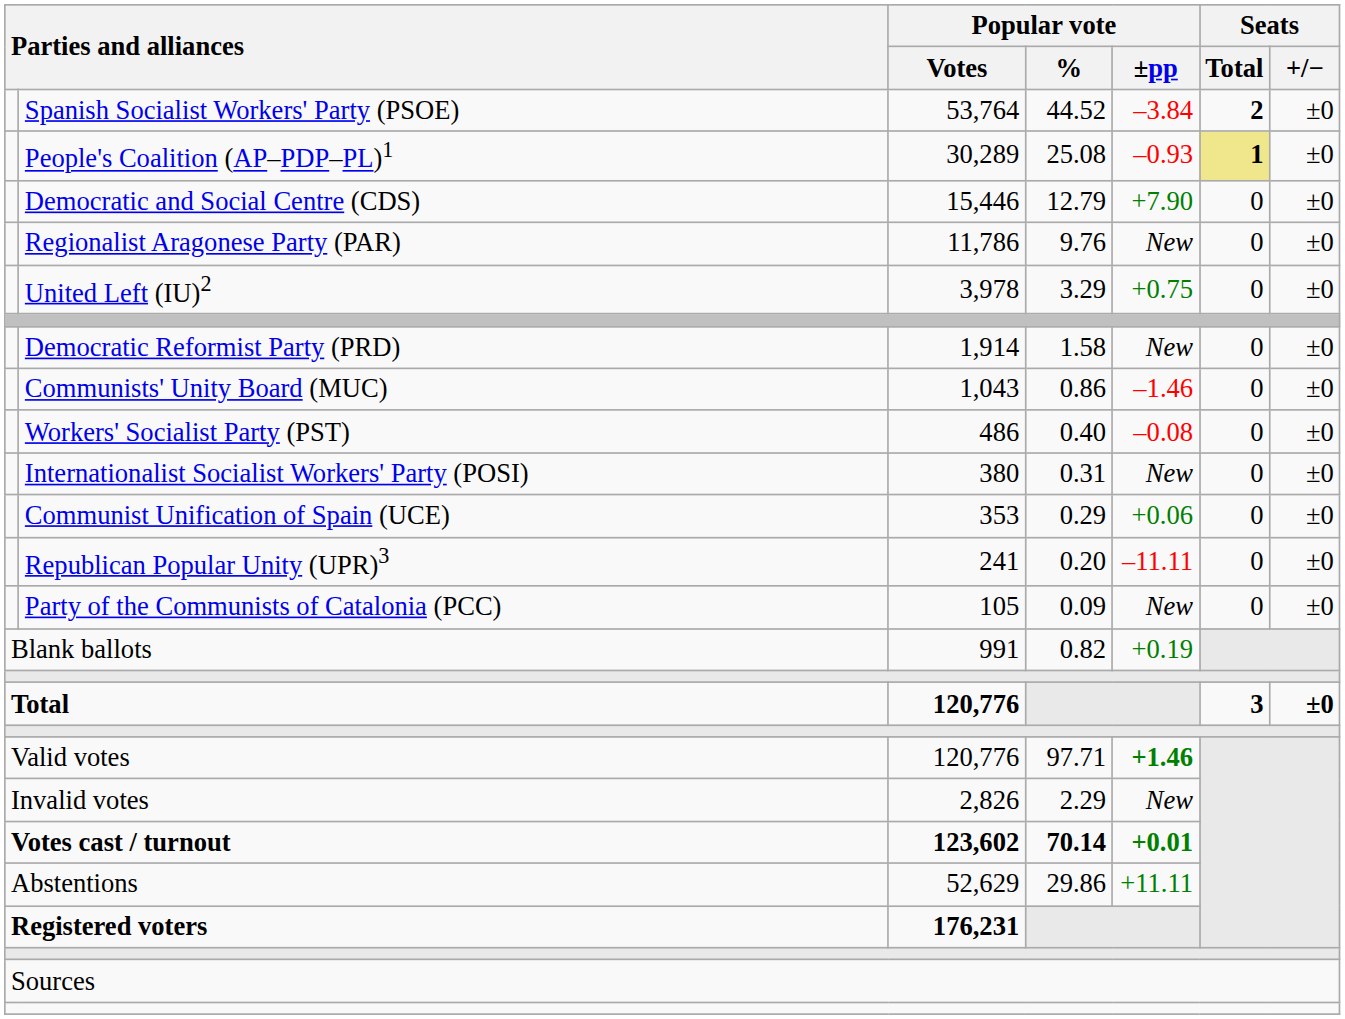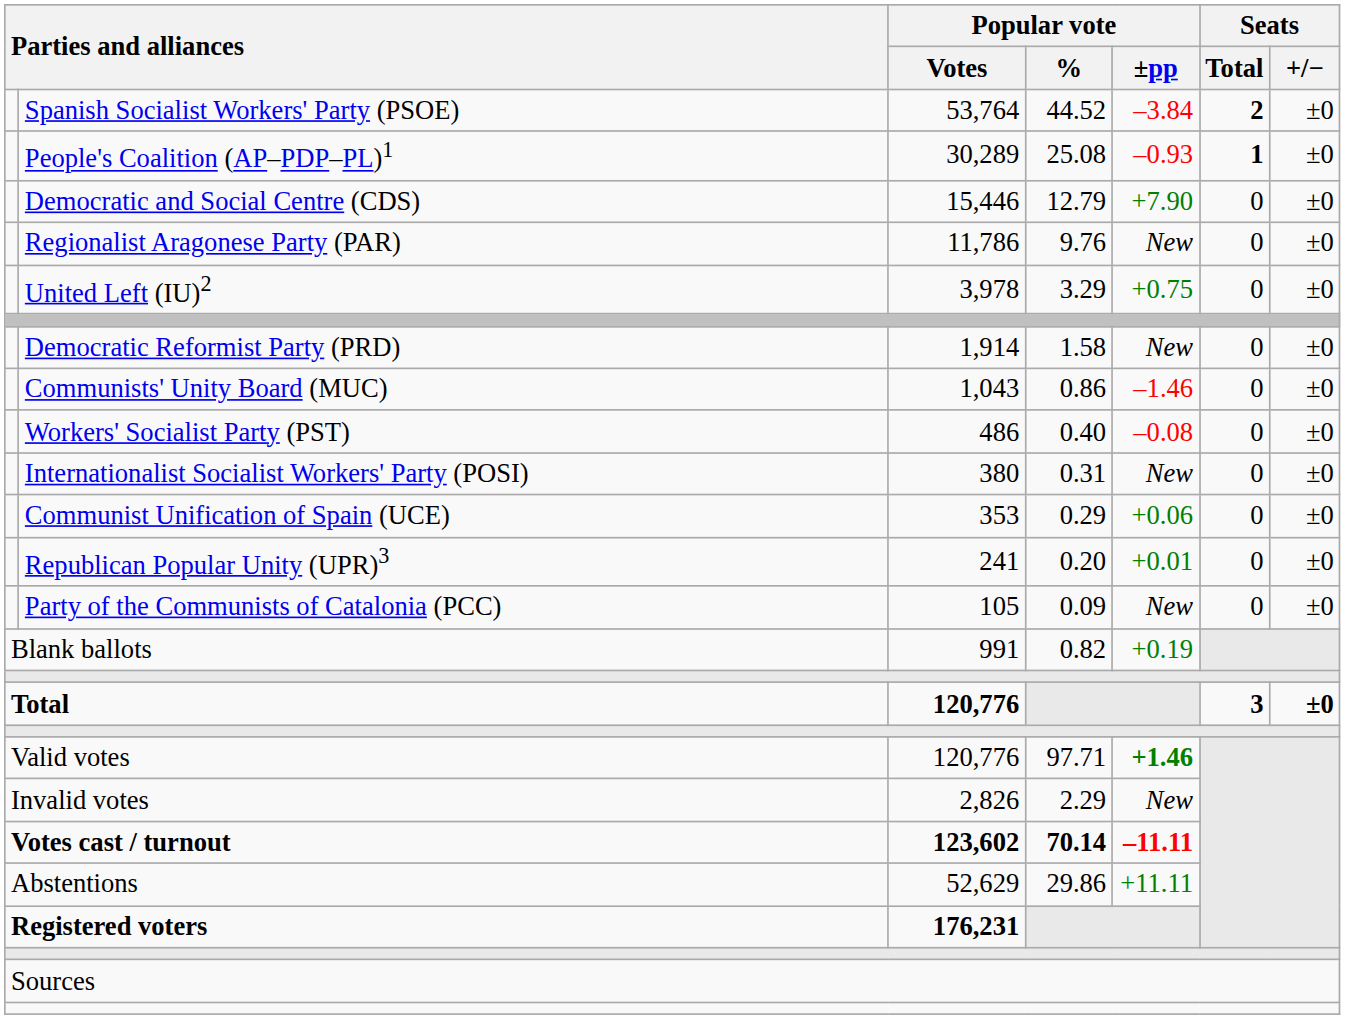 <table class="wikitable" style="text-align:right;">
 <tr>
 <th style="text-align:left;" rowspan="2" colspan="2" width="525">Parties and alliances</th>
 <th colspan="3">Popular vote</th>
 <th colspan="2">Seats</th>
 </tr>
 <tr>
 <th width="75">Votes</th>
 <th width="45">%</th>
 <th width="45">±<a href='#'>pp</a></th>
 <th width="35">Total</th>
 <th width="35">+/−</th>
 </tr>
 <tr>
 <td width="1" style="color:inherit;background:"></td>
 <td align="left"><a href='#'>Spanish Socialist Workers' Party</a> (PSOE)</td>
 <td>53,764</td>
 <td>44.52</td>
 <td style="color:red;">–3.84</td>
 <td><strong>2</strong></td>
 <td>±0</td>
 </tr>
 <tr>
 <td style="color:inherit;background:"></td>
 <td align="left"><a href='#'>People's Coalition</a> (<a href='#'>AP</a>–<a href='#'>PDP</a>–<a href='#'>PL</a>)<sup>1</sup></td>
 <td>30,289</td>
 <td>25.08</td>
 <td style="color:red;">–0.93</td>
-<td style="background: khaki;"><strong>1</strong></td>
+<td><strong>1</strong></td>
 <td>±0</td>
 </tr>
 <tr>
 <td style="color:inherit;background:"></td>
 <td align="left"><a href='#'>Democratic and Social Centre</a> (CDS)</td>
 <td>15,446</td>
 <td>12.79</td>
 <td style="color:green;">+7.90</td>
 <td>0</td>
 <td>±0</td>
 </tr>
 <tr>
 <td style="color:inherit;background:"></td>
 <td align="left"><a href='#'>Regionalist Aragonese Party</a> (PAR)</td>
 <td>11,786</td>
 <td>9.76</td>
 <td><em>New</em></td>
 <td>0</td>
 <td>±0</td>
 </tr>
 <tr>
 <td style="color:inherit;background:"></td>
 <td align="left"><a href='#'>United Left</a> (IU)<sup>2</sup></td>
 <td>3,978</td>
 <td>3.29</td>
 <td style="color:green;">+0.75</td>
 <td>0</td>
 <td>±0</td>
 </tr>
 <tr>
 <td colspan="7" bgcolor="#C0C0C0"></td>
 </tr>
 <tr>
 <td style="color:inherit;background:"></td>
 <td align="left"><a href='#'>Democratic Reformist Party</a> (PRD)</td>
 <td>1,914</td>
 <td>1.58</td>
 <td><em>New</em></td>
 <td>0</td>
 <td>±0</td>
 </tr>
 <tr>
 <td style="color:inherit;background:"></td>
 <td align="left"><a href='#'>Communists' Unity Board</a> (MUC)</td>
 <td>1,043</td>
 <td>0.86</td>
 <td style="color:red;">–1.46</td>
 <td>0</td>
 <td>±0</td>
 </tr>
 <tr>
 <td style="color:inherit;background:"></td>
 <td align="left"><a href='#'>Workers' Socialist Party</a> (PST)</td>
 <td>486</td>
 <td>0.40</td>
 <td style="color:red;">–0.08</td>
 <td>0</td>
 <td>±0</td>
 </tr>
 <tr>
 <td style="color:inherit;background:"></td>
 <td align="left"><a href='#'>Internationalist Socialist Workers' Party</a> (POSI)</td>
 <td>380</td>
 <td>0.31</td>
 <td><em>New</em></td>
 <td>0</td>
 <td>±0</td>
 </tr>
 <tr>
 <td style="color:inherit;background:"></td>
 <td align="left"><a href='#'>Communist Unification of Spain</a> (UCE)</td>
 <td>353</td>
 <td>0.29</td>
 <td style="color:green;">+0.06</td>
 <td>0</td>
 <td>±0</td>
 </tr>
 <tr>
 <td style="color:inherit;background:"></td>
 <td align="left"><a href='#'>Republican Popular Unity</a> (UPR)<sup>3</sup></td>
 <td>241</td>
 <td>0.20</td>
-<td style="color:red;">–11.11</td>
+<td style="color:green;">+0.01</td>
 <td>0</td>
 <td>±0</td>
 </tr>
 <tr>
 <td style="color:inherit;background:"></td>
 <td align="left"><a href='#'>Party of the Communists of Catalonia</a> (PCC)</td>
 <td>105</td>
 <td>0.09</td>
 <td><em>New</em></td>
 <td>0</td>
 <td>±0</td>
 </tr>
 <tr>
 <td align="left" colspan="2">Blank ballots</td>
 <td>991</td>
 <td>0.82</td>
 <td style="color:green;">+0.19</td>
 <td bgcolor="#E9E9E9" colspan="2"></td>
 </tr>
 <tr>
 <td colspan="7" bgcolor="#E9E9E9"></td>
 </tr>
 <tr style="font-weight:bold;">
 <td align="left" colspan="2">Total</td>
 <td>120,776</td>
 <td bgcolor="#E9E9E9" colspan="2"></td>
 <td>3</td>
 <td>±0</td>
 </tr>
 <tr>
 <td colspan="7" bgcolor="#E9E9E9"></td>
 </tr>
 <tr>
 <td align="left" colspan="2">Valid votes</td>
 <td>120,776</td>
 <td>97.71</td>
 <td style="color:green;"><strong>+1.46</strong></td>
 <td bgcolor="#E9E9E9" colspan="2" rowspan="5"></td>
 </tr>
 <tr>
 <td align="left" colspan="2">Invalid votes</td>
 <td>2,826</td>
 <td>2.29</td>
 <td><em>New</em></td>
 </tr>
 <tr style="font-weight:bold;">
 <td align="left" colspan="2">Votes cast / turnout</td>
 <td>123,602</td>
 <td>70.14</td>
-<td style="color:green;">+0.01</td>
+<td style="color:red;">–11.11</td>
 </tr>
 <tr>
 <td align="left" colspan="2">Abstentions</td>
 <td>52,629</td>
 <td>29.86</td>
 <td style="color:green;">+11.11</td>
 </tr>
 <tr style="font-weight:bold;">
 <td align="left" colspan="2">Registered voters</td>
 <td>176,231</td>
 <td bgcolor="#E9E9E9" colspan="2"></td>
 </tr>
 <tr>
 <td colspan="7" bgcolor="#E9E9E9"></td>
 </tr>
 <tr>
 <td align="left" colspan="7">Sources</td>
 </tr>
 <tr>
 <td colspan="7" style="text-align:left; max-width:790px;"></td>
 </tr>
 </table>
